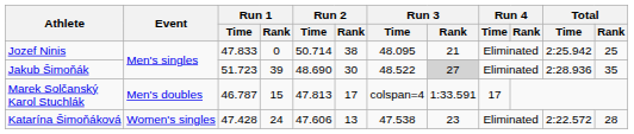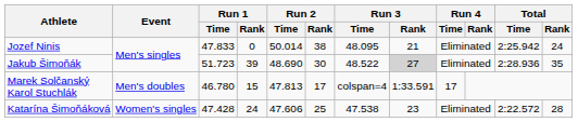 <table class="wikitable" style="font-size:90%">
 <tr>
 <th rowspan="2">Athlete</th>
 <th rowspan="2">Event</th>
 <th colspan=2>Run 1</th>
 <th colspan=2>Run 2</th>
 <th colspan=2>Run 3</th>
 <th colspan=2>Run 4</th>
 <th colspan=2>Total</th>
 </tr>
 <tr style="font-size:95%">
 <th>Time</th>
 <th>Rank</th>
 <th>Time</th>
 <th>Rank</th>
 <th>Time</th>
 <th>Rank</th>
 <th>Time</th>
 <th>Rank</th>
 <th>Time</th>
 <th>Rank</th>
 </tr>
 <tr align=center>
 <td align=left><a href='#'>Jozef Ninis</a></td>
 <td align=left rowspan=2><a href='#'>Men's singles</a></td>
 <td>47.833</td>
 <td>0</td>
-<td>50.714</td>
+<td>50.014</td>
 <td>38</td>
 <td>48.095</td>
 <td>21</td>
 <td colspan=2>Eliminated</td>
 <td>2:25.942</td>
-<td>25</td>
+<td>24</td>
 </tr>
 <tr align=center>
 <td align=left><a href='#'>Jakub Šimoňák</a></td>
 <td>51.723</td>
 <td>39</td>
 <td>48.690</td>
 <td>30</td>
 <td>48.522</td>
 <td style="background: lightgrey;">27</td>
 <td colspan=2>Eliminated</td>
 <td>2:28.936</td>
 <td>35</td>
 </tr>
 <tr align=center>
 <td align=left><a href='#'>Marek Solčanský</a><br><a href='#'>Karol Stuchlák</a></td>
 <td align=left><a href='#'>Men's doubles</a></td>
-<td>46.787</td>
+<td>46.780</td>
 <td>15</td>
 <td>47.813</td>
 <td>17</td>
 <td>colspan=4 </td>
 <td>1:33.591</td>
 <td>17</td>
 </tr>
 <tr align=center>
 <td align=left><a href='#'>Katarína Šimoňáková</a></td>
 <td align=left><a href='#'>Women's singles</a></td>
 <td>47.428</td>
 <td>24</td>
 <td>47.606</td>
-<td>13</td>
+<td>25</td>
 <td>47.538</td>
 <td>23</td>
 <td colspan=2>Eliminated</td>
 <td>2:22.572</td>
 <td>28</td>
 </tr>
 </table>
